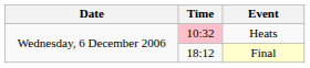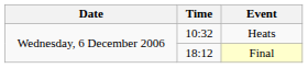 <table class = "wikitable" style="text-align:center;">
 <tr>
 <th width=220>Date</th>
 <th width=50>Time</th>
 <th width=100>Event</th>
 </tr>
 <tr>
 <td rowspan=2>Wednesday, 6 December 2006</td>
-<td style="background: pink;">10:32</td>
+<td>10:32</td>
 <td>Heats</td>
 </tr>
 <tr>
 <td>18:12</td>
 <td bgcolor=ffffcc>Final</td>
 </tr>
 </table>
